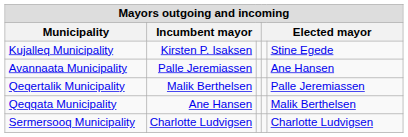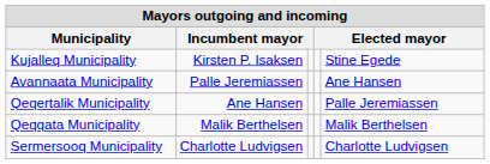 <table class="wikitable" style="margin-left:1em;">
 <tr>
 <td colspan="6" style="background:#dddddd; text-align:center;"><strong>Mayors outgoing and incoming</strong></td>
 </tr>
 <tr>
 <th style="width:190px;">Municipality</th>
 <th colspan="2">Incumbent mayor</th>
 <th colspan="2">Elected mayor</th>
 </tr>
 <tr>
 <td style="padding-left:5px;"><a href='#'>Kujalleq Municipality</a></td>
 <td style="text-align:right; padding-right:5px;"><a href='#'>Kirsten P. Isaksen</a></td>
 <td style="background:"></td>
 <td style="background:"></td>
 <td style="width:180px; padding-left:5px;"><a href='#'>Stine Egede</a></td>
 </tr>
 <tr>
 <td style="padding-left:5px;"><a href='#'>Avannaata Municipality</a></td>
 <td style="text-align:right; padding-right:5px;"><a href='#'>Palle Jeremiassen</a></td>
 <td style="background:"></td>
 <td style="background:"></td>
 <td style="padding-left:5px;"><a href='#'>Ane Hansen</a></td>
 </tr>
 <tr>
 <td style="padding-left:5px;"><a href='#'>Qeqertalik Municipality</a></td>
-<td style="text-align:right; padding-right:5px;"><a href='#'>Malik Berthelsen</a></td>
+<td style="text-align:right; padding-right:5px;"><a href='#'>Ane Hansen</a></td>
 <td style="background:"></td>
 <td style="background:"></td>
 <td style="padding-left:5px;"><a href='#'>Palle Jeremiassen</a></td>
 </tr>
 <tr>
 <td style="padding-left:5px;"><a href='#'>Qeqqata Municipality</a></td>
-<td style="text-align:right; padding-right:5px;"><a href='#'>Ane Hansen</a></td>
+<td style="text-align:right; padding-right:5px;"><a href='#'>Malik Berthelsen</a></td>
 <td style="background:"></td>
 <td style="background:"></td>
 <td style="padding-left:5px;"><a href='#'>Malik Berthelsen</a></td>
 </tr>
 <tr>
 <td style="padding-left:5px;"><a href='#'>Sermersooq Municipality</a></td>
 <td style="text-align:right; padding-right:5px;"><a href='#'>Charlotte Ludvigsen</a></td>
 <td style="background:"></td>
 <td style="background:"></td>
 <td style="padding-left:5px;"><a href='#'>Charlotte Ludvigsen</a></td>
 </tr>
 </table>
